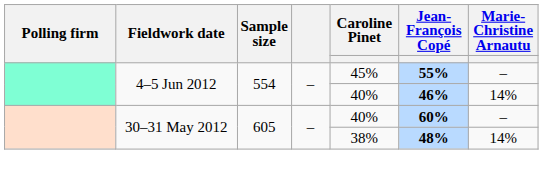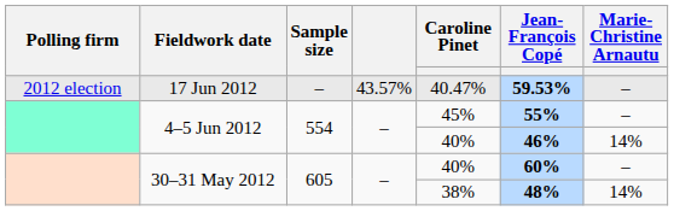 <table class="wikitable sortable" style="text-align:center;font-size:90%;line-height:14px;">
 <tr style="height:40px;">
 <th style="width:100px;" rowspan="2">Polling firm</th>
 <th style="width:110px;" rowspan="2">Fieldwork date</th>
 <th style="width:35px;" rowspan="2">Sample<br>size</th>
 <th style="width:30px;" rowspan="2"></th>
 <th class="unsortable" style="width:60px;">Caroline Pinet<br></th>
 <th class="unsortable" style="width:60px;"><a href='#'>Jean-François Copé</a><br></th>
 <th class="unsortable" style="width:60px;"><a href='#'>Marie-Christine Arnautu</a><br></th>
 </tr>
 <tr>
 <th style="background:"></th>
 <th style="background:"></th>
 <th style="background:"></th>
+</tr>
+<tr style="background:#E9E9E9;">
+<td><a href='#'>2012 election</a></td>
+<td data-sort-value="2012-06-17">17 Jun 2012</td>
+<td>–</td>
+<td>43.57%</td>
+<td>40.47%</td>
+<td style="background:#B9DAFF;"><strong>59.53%</strong></td>
+<td>–</td>
 </tr>
 <tr>
 <td rowspan="2" style="background:aquamarine;"></td>
 <td rowspan="2" data-sort-value="2012-06-05">4–5 Jun 2012</td>
 <td rowspan="2">554</td>
 <td rowspan="2">–</td>
 <td>45%</td>
 <td style="background:#B9DAFF;"><strong>55%</strong></td>
 <td>–</td>
 </tr>
 <tr>
 <td>40%</td>
 <td style="background:#B9DAFF;"><strong>46%</strong></td>
 <td>14%</td>
 </tr>
 <tr>
 <td rowspan="2" style="background:#FFDFCC;"></td>
 <td rowspan="2" data-sort-value="2012-05-31">30–31 May 2012</td>
 <td rowspan="2">605</td>
 <td rowspan="2">–</td>
 <td>40%</td>
 <td style="background:#B9DAFF;"><strong>60%</strong></td>
 <td>–</td>
 </tr>
 <tr>
 <td>38%</td>
 <td style="background:#B9DAFF;"><strong>48%</strong></td>
 <td>14%</td>
 </tr>
 </table>
